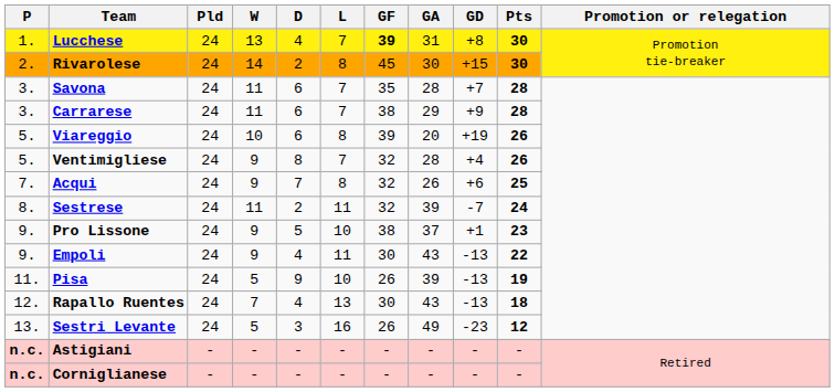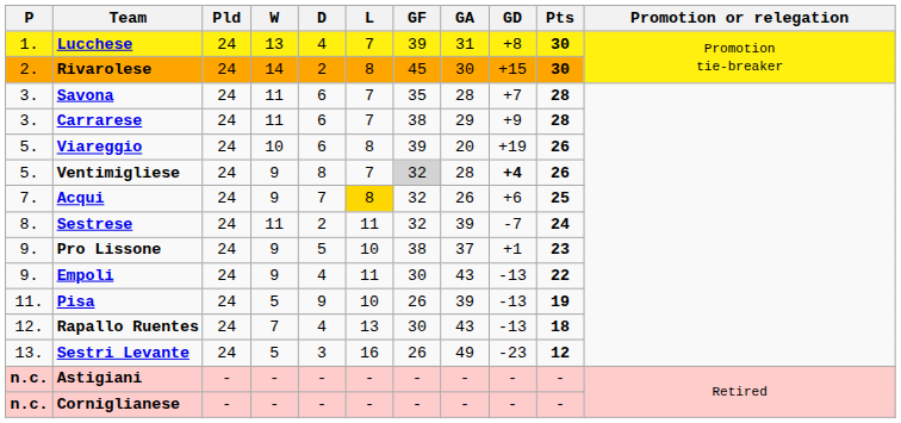 <table class="wikitable sortable" style="text-align: center;">
 <tr>
 <th width=33>P<br></th>
 <th>Team<br></th>
 <th width=33>Pld<br></th>
 <th width=33>W<br></th>
 <th width=33>D<br></th>
 <th width=33>L<br></th>
 <th width=33>GF<br></th>
 <th width=33>GA<br></th>
 <th width=33>GD<br></th>
 <th width=33>Pts<br></th>
 <th class="unsortable" width=250>Promotion or relegation<br></th>
 </tr>
 <tr style="background:#fff010;">
 <td>1.</td>
 <td align="left"><strong><a href='#'>Lucchese</a></strong></td>
 <td>24</td>
 <td>13</td>
 <td>4</td>
 <td>7</td>
-<td><strong>39</strong></td>
+<td>39</td>
 <td>31</td>
 <td>+8</td>
 <td><strong>30</strong></td>
 <td rowspan="2"><small>Promotion<br>tie-breaker</small></td>
 </tr>
 <tr style="background:#FFA500;">
 <td>2.</td>
 <td align="left"><strong>Rivarolese</strong></td>
 <td>24</td>
 <td>14</td>
 <td>2</td>
 <td>8</td>
 <td>45</td>
 <td>30</td>
 <td>+15</td>
 <td><strong>30</strong></td>
 </tr>
 <tr>
 <td>3.</td>
 <td align="left"><strong><a href='#'>Savona</a></strong></td>
 <td>24</td>
 <td>11</td>
 <td>6</td>
 <td>7</td>
 <td>35</td>
 <td>28</td>
 <td>+7</td>
 <td><strong>28</strong></td>
 </tr>
 <tr>
 <td>3.</td>
 <td align="left"><strong><a href='#'>Carrarese</a></strong></td>
 <td>24</td>
 <td>11</td>
 <td>6</td>
 <td>7</td>
 <td>38</td>
 <td>29</td>
 <td>+9</td>
 <td><strong>28</strong></td>
 </tr>
 <tr>
 <td>5.</td>
 <td align="left"><strong><a href='#'>Viareggio</a></strong></td>
 <td>24</td>
 <td>10</td>
 <td>6</td>
 <td>8</td>
 <td>39</td>
 <td>20</td>
 <td>+19</td>
 <td><strong>26</strong></td>
 </tr>
 <tr>
 <td>5.</td>
 <td align="left"><strong>Ventimigliese</strong></td>
 <td>24</td>
 <td>9</td>
 <td>8</td>
 <td>7</td>
-<td>32</td>
+<td style="background: lightgrey;">32</td>
 <td>28</td>
-<td>+4</td>
+<td><strong>+4</strong></td>
 <td><strong>26</strong></td>
 </tr>
 <tr>
 <td>7.</td>
 <td align="left"><strong><a href='#'>Acqui</a></strong></td>
 <td>24</td>
 <td>9</td>
 <td>7</td>
-<td>8</td>
+<td style="background: gold;">8</td>
 <td>32</td>
 <td>26</td>
 <td>+6</td>
 <td><strong>25</strong></td>
 </tr>
 <tr>
 <td>8.</td>
 <td align="left"><strong><a href='#'>Sestrese</a></strong></td>
 <td>24</td>
 <td>11</td>
 <td>2</td>
 <td>11</td>
 <td>32</td>
 <td>39</td>
 <td>-7</td>
 <td><strong>24</strong></td>
 </tr>
 <tr>
 <td>9.</td>
 <td align="left"><strong>Pro Lissone</strong></td>
 <td>24</td>
 <td>9</td>
 <td>5</td>
 <td>10</td>
 <td>38</td>
 <td>37</td>
 <td>+1</td>
 <td><strong>23</strong></td>
 </tr>
 <tr>
 <td>9.</td>
 <td align="left"><strong><a href='#'>Empoli</a></strong></td>
 <td>24</td>
 <td>9</td>
 <td>4</td>
 <td>11</td>
 <td>30</td>
 <td>43</td>
 <td>-13</td>
 <td><strong>22</strong></td>
 </tr>
 <tr>
 <td>11.</td>
 <td align="left"><strong><a href='#'>Pisa</a></strong></td>
 <td>24</td>
 <td>5</td>
 <td>9</td>
 <td>10</td>
 <td>26</td>
 <td>39</td>
 <td>-13</td>
 <td><strong>19</strong></td>
 </tr>
 <tr>
 <td>12.</td>
 <td align="left"><strong>Rapallo Ruentes</strong></td>
 <td>24</td>
 <td>7</td>
 <td>4</td>
 <td>13</td>
 <td>30</td>
 <td>43</td>
 <td>-13</td>
 <td><strong>18</strong></td>
 </tr>
 <tr>
 <td>13.</td>
 <td align="left"><strong><a href='#'>Sestri Levante</a></strong></td>
 <td>24</td>
 <td>5</td>
 <td>3</td>
 <td>16</td>
 <td>26</td>
 <td>49</td>
 <td>-23</td>
 <td><strong>12</strong></td>
 </tr>
 <tr style="background:#FFCCCC">
 <td><strong>n.c.</strong></td>
 <td align="left"><strong>Astigiani</strong></td>
 <td>-</td>
 <td>-</td>
 <td>-</td>
 <td>-</td>
 <td>-</td>
 <td>-</td>
 <td>-</td>
 <td>-</td>
 <td rowspan="2"><small>Retired</small></td>
 </tr>
 <tr style="background:#FFCCCC">
 <td><strong>n.c.</strong></td>
 <td align="left"><strong>Corniglianese</strong></td>
 <td>-</td>
 <td>-</td>
 <td>-</td>
 <td>-</td>
 <td>-</td>
 <td>-</td>
 <td>-</td>
 <td>-</td>
 </tr>
 </table>
